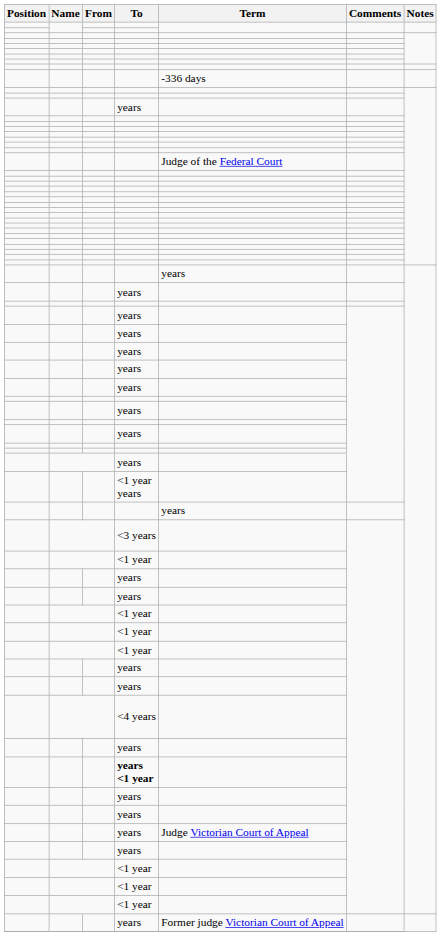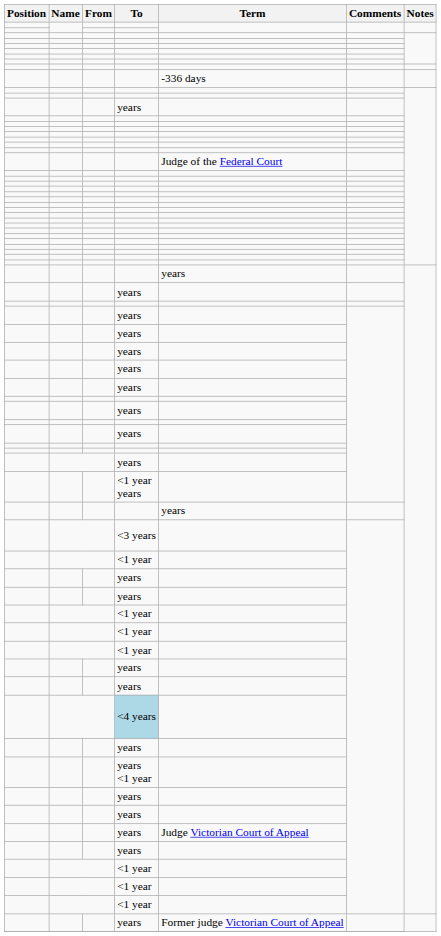 <table class="wikitable sortable" border="1" ||>
 <tr>
 <th>Position<br></th>
 <th>Name</th>
 <th>From</th>
 <th>To</th>
 <th>Term</th>
 <th class="unsortable">Comments</th>
 <th class="unsortable">Notes</th>
 </tr>
 <tr>
 <td></td>
 <td rowspan="2"></td>
 <td align="middle"></td>
 <td align="middle"></td>
 <td rowspan="2"> </td>
 <td rowspan="2"></td>
 <td rowspan="2"></td>
 </tr>
 <tr valign="top">
 <td></td>
 <td align="middle"></td>
 <td align="middle"></td>
 </tr>
 <tr>
 <td></td>
 <td align="middle"></td>
 <td align="middle"></td>
 <td></td>
 <td></td>
 <td></td>
 </tr>
 <tr>
 <td></td>
 <td align="middle"></td>
 <td align="middle"></td>
 <td></td>
 <td></td>
 <td></td>
 </tr>
 <tr>
 <td></td>
 <td align="middle"></td>
 <td align="middle"></td>
 <td></td>
 <td></td>
 <td></td>
 </tr>
 <tr>
 <td></td>
 <td align="middle"></td>
 <td align="middle"></td>
 <td></td>
 <td></td>
 <td></td>
 </tr>
 <tr>
 <td></td>
 <td align="middle"></td>
 <td align="middle"></td>
 <td></td>
 <td></td>
 <td></td>
 </tr>
 <tr>
 <td></td>
 <td align="middle"></td>
 <td></td>
 <td></td>
 <td></td>
 <td></td>
 </tr>
 <tr valign="top">
 <td></td>
 <td></td>
 <td align="middle"></td>
 <td align="middle"></td>
 <td></td>
 <td></td>
 <td></td>
 </tr>
 <tr valign="top">
 <td></td>
 <td></td>
 <td align="middle"></td>
 <td align="middle"></td>
 <td>-336 days</td>
 <td></td>
 <td></td>
 </tr>
 <tr>
 <td></td>
 <td align="middle"></td>
 <td align="middle"></td>
 <td></td>
 <td></td>
 <td></td>
 </tr>
 <tr>
 <td></td>
 <td align="middle"></td>
 <td align="middle"></td>
 <td></td>
 <td></td>
 <td></td>
 </tr>
 <tr>
 <td></td>
 <td align="middle"></td>
 <td align="middle"></td>
 <td> years</td>
 <td></td>
 <td></td>
 </tr>
 <tr>
 <td></td>
 <td align="middle"></td>
 <td align="middle"></td>
 <td></td>
 <td></td>
 <td></td>
 </tr>
 <tr>
 <td></td>
 <td align="middle"></td>
 <td align="middle"></td>
 <td></td>
 <td></td>
 <td></td>
 </tr>
 <tr>
 <td></td>
 <td align="middle"></td>
 <td align="middle"></td>
 <td></td>
 <td></td>
 <td></td>
 </tr>
 <tr>
 <td></td>
 <td align="middle"></td>
 <td align="middle"></td>
 <td></td>
 <td></td>
 <td></td>
 </tr>
 <tr>
 <td></td>
 <td align="middle"></td>
 <td align="middle"></td>
 <td></td>
 <td></td>
 <td></td>
 </tr>
 <tr>
 <td></td>
 <td align="middle"></td>
 <td align="middle"></td>
 <td></td>
 <td></td>
 <td></td>
 </tr>
 <tr>
 <td></td>
 <td align="middle"></td>
 <td align="middle"></td>
 <td></td>
 <td></td>
 <td></td>
 </tr>
 <tr>
 <td></td>
 <td align="middle"></td>
 <td align="middle"></td>
 <td></td>
 <td>Judge of the <a href='#'>Federal Court</a></td>
 <td></td>
 </tr>
 <tr>
 <td></td>
 <td align="middle"></td>
 <td align="middle"></td>
 <td></td>
 <td></td>
 <td></td>
 </tr>
 <tr>
 <td></td>
 <td align="middle"></td>
 <td align="middle"></td>
 <td></td>
 <td></td>
 <td></td>
 </tr>
 <tr>
 <td></td>
 <td align="middle"></td>
 <td align="middle"></td>
 <td></td>
 <td></td>
 <td></td>
 </tr>
 <tr>
 <td></td>
 <td align="middle"></td>
 <td align="middle"></td>
 <td></td>
 <td></td>
 <td></td>
 </tr>
 <tr>
 <td></td>
 <td align="middle"></td>
 <td align="middle"></td>
 <td></td>
 <td></td>
 <td></td>
 </tr>
 <tr>
 <td></td>
 <td align="middle"></td>
 <td align="middle"></td>
 <td></td>
 <td></td>
 <td></td>
 </tr>
 <tr>
 <td></td>
 <td align="middle"></td>
 <td align="middle"></td>
 <td></td>
 <td></td>
 <td></td>
 </tr>
 <tr>
 <td></td>
 <td align="middle"></td>
 <td align="middle"></td>
 <td></td>
 <td></td>
 <td></td>
 </tr>
 <tr>
 <td></td>
 <td align="middle"></td>
 <td align="middle"></td>
 <td></td>
 <td></td>
 <td></td>
 </tr>
 <tr>
 <td></td>
 <td align="middle"></td>
 <td align="middle"></td>
 <td></td>
 <td></td>
 <td></td>
 </tr>
 <tr>
 <td></td>
 <td align="middle"></td>
 <td align="middle"></td>
 <td></td>
 <td></td>
 <td></td>
 </tr>
 <tr>
 <td></td>
 <td align="middle"></td>
 <td align="middle"></td>
 <td></td>
 <td></td>
 <td></td>
 </tr>
 <tr>
 <td></td>
 <td align="middle"></td>
 <td align="middle"></td>
 <td></td>
 <td></td>
 <td></td>
 </tr>
 <tr>
 <td></td>
 <td align="middle"></td>
 <td></td>
 <td></td>
 <td></td>
 <td></td>
 </tr>
 <tr>
 <td></td>
 <td align="middle"></td>
 <td></td>
 <td></td>
 <td></td>
 <td></td>
 </tr>
 <tr>
 <td></td>
 <td align="middle"></td>
 <td></td>
 <td></td>
 <td></td>
 <td></td>
 </tr>
 <tr>
 <td></td>
 <td align="middle"></td>
 <td></td>
 <td></td>
 <td></td>
 <td></td>
 </tr>
 <tr>
 <td></td>
 <td align="middle"></td>
 <td></td>
 <td></td>
 <td></td>
 <td></td>
 </tr>
 <tr valign="top">
 <td></td>
 <td></td>
 <td align="middle"></td>
 <td align="middle"></td>
 <td> years</td>
 <td></td>
 <td rowspan="36"></td>
 </tr>
 <tr>
 <td></td>
 <td align="middle"></td>
 <td align="middle"></td>
 <td> years</td>
 <td></td>
 </tr>
 <tr valign="top">
 <td></td>
 <td></td>
 <td align="middle"></td>
 <td align="middle">  </td>
 <td></td>
 <td></td>
 </tr>
 <tr>
 <td></td>
 <td align="middle"></td>
 <td align="middle"></td>
 <td> years</td>
 <td></td>
 </tr>
 <tr>
 <td></td>
 <td align="middle"></td>
 <td align="middle"></td>
 <td> years</td>
 <td></td>
 </tr>
 <tr>
 <td></td>
 <td align="middle"></td>
 <td align="middle"></td>
 <td> years</td>
 <td></td>
 </tr>
 <tr>
 <td></td>
 <td align="middle"></td>
 <td align="middle"></td>
 <td> years</td>
 <td></td>
 </tr>
 <tr>
 <td></td>
 <td align="middle"></td>
 <td align="middle"></td>
 <td> years</td>
 <td></td>
 </tr>
 <tr>
 <td></td>
 <td align="middle"></td>
 <td align="middle"> </td>
 <td></td>
 <td></td>
 </tr>
 <tr>
 <td></td>
 <td align="middle"></td>
 <td align="middle"> </td>
 <td> years</td>
 <td></td>
 </tr>
 <tr>
 <td></td>
 <td align="middle"></td>
 <td align="middle"> </td>
 <td></td>
 <td></td>
 </tr>
 <tr>
 <td></td>
 <td align="middle"></td>
 <td align="middle"> </td>
 <td> years</td>
 <td></td>
 </tr>
 <tr>
 <td></td>
 <td align="middle"></td>
 <td align="middle"> </td>
 <td></td>
 <td></td>
 </tr>
 <tr>
 <td></td>
 <td align="middle"></td>
 <td align="middle"> </td>
 <td></td>
 <td></td>
 </tr>
 <tr>
 <td></td>
 <td align="middle" colspan="2"><br></td>
 <td> years</td>
 <td></td>
 </tr>
 <tr>
 <td></td>
 <td align="middle"><br></td>
 <td align="middle"><br></td>
 <td> <1 year <br> years</td>
 <td></td>
 </tr>
 <tr valign="top">
 <td></td>
 <td></td>
 <td align="middle"></td>
 <td align="middle"></td>
 <td> years</td>
 <td></td>
 </tr>
 <tr>
 <td></td>
 <td align="middle" colspan="2"><br><br></td>
 <td> <3 years</td>
 <td></td>
 </tr>
 <tr>
 <td></td>
 <td align="middle" colspan="2"></td>
 <td> <1 year</td>
 <td></td>
 </tr>
 <tr>
 <td></td>
 <td align="middle"></td>
 <td align="middle"></td>
 <td> years</td>
 <td></td>
 </tr>
 <tr>
 <td></td>
 <td align="middle"></td>
 <td align="middle"></td>
 <td> years</td>
 <td></td>
 </tr>
 <tr>
 <td></td>
 <td align="middle" colspan="2"></td>
 <td> <1 year</td>
 <td></td>
 </tr>
 <tr>
 <td></td>
 <td align="middle" colspan="2"></td>
 <td> <1 year</td>
 <td></td>
 </tr>
 <tr>
 <td></td>
 <td align="middle" colspan="2"></td>
 <td> <1 year</td>
 <td></td>
 </tr>
 <tr>
 <td></td>
 <td align="middle"></td>
 <td align="middle"></td>
 <td> years</td>
 <td></td>
 </tr>
 <tr>
 <td></td>
 <td align="middle"></td>
 <td align="middle"></td>
 <td> years</td>
 <td></td>
 </tr>
 <tr>
 <td></td>
 <td align="middle" colspan="2"><br><br><br></td>
-<td> <4 years</td>
+<td style="background: lightblue;"> <4 years</td>
 <td></td>
 </tr>
 <tr>
 <td></td>
 <td align="middle"></td>
 <td align="middle"></td>
 <td> years</td>
 <td></td>
 </tr>
 <tr>
 <td></td>
 <td align="middle"><br></td>
 <td align="middle"><br></td>
-<td><strong>  years<br> <1 year</strong></td>
+<td>  years<br> <1 year</td>
 <td></td>
 </tr>
 <tr>
 <td></td>
 <td align="middle"></td>
 <td align="middle"></td>
 <td> years</td>
 <td></td>
 </tr>
 <tr>
 <td></td>
 <td align="middle"></td>
 <td align="middle"></td>
 <td> years</td>
 <td></td>
 </tr>
 <tr>
 <td></td>
 <td align="middle"></td>
 <td align="middle"></td>
 <td> years</td>
 <td>Judge <a href='#'>Victorian Court of Appeal</a></td>
 </tr>
 <tr>
 <td></td>
 <td align="middle"></td>
 <td align="middle"></td>
 <td> years</td>
 <td></td>
 </tr>
 <tr>
 <td></td>
 <td align="middle" colspan="2"></td>
 <td> <1 year</td>
 <td></td>
 </tr>
 <tr>
 <td></td>
 <td align="middle" colspan="2"></td>
 <td> <1 year</td>
 <td></td>
 </tr>
 <tr>
 <td></td>
 <td align="middle" colspan="2"></td>
 <td> <1 year</td>
 <td></td>
 </tr>
 <tr>
 <td></td>
 <td align="middle"></td>
 <td align="middle"></td>
 <td> years</td>
 <td>Former judge <a href='#'>Victorian Court of Appeal</a></td>
 <td></td>
 </tr>
 <tr>
 </tr>
 </table>
